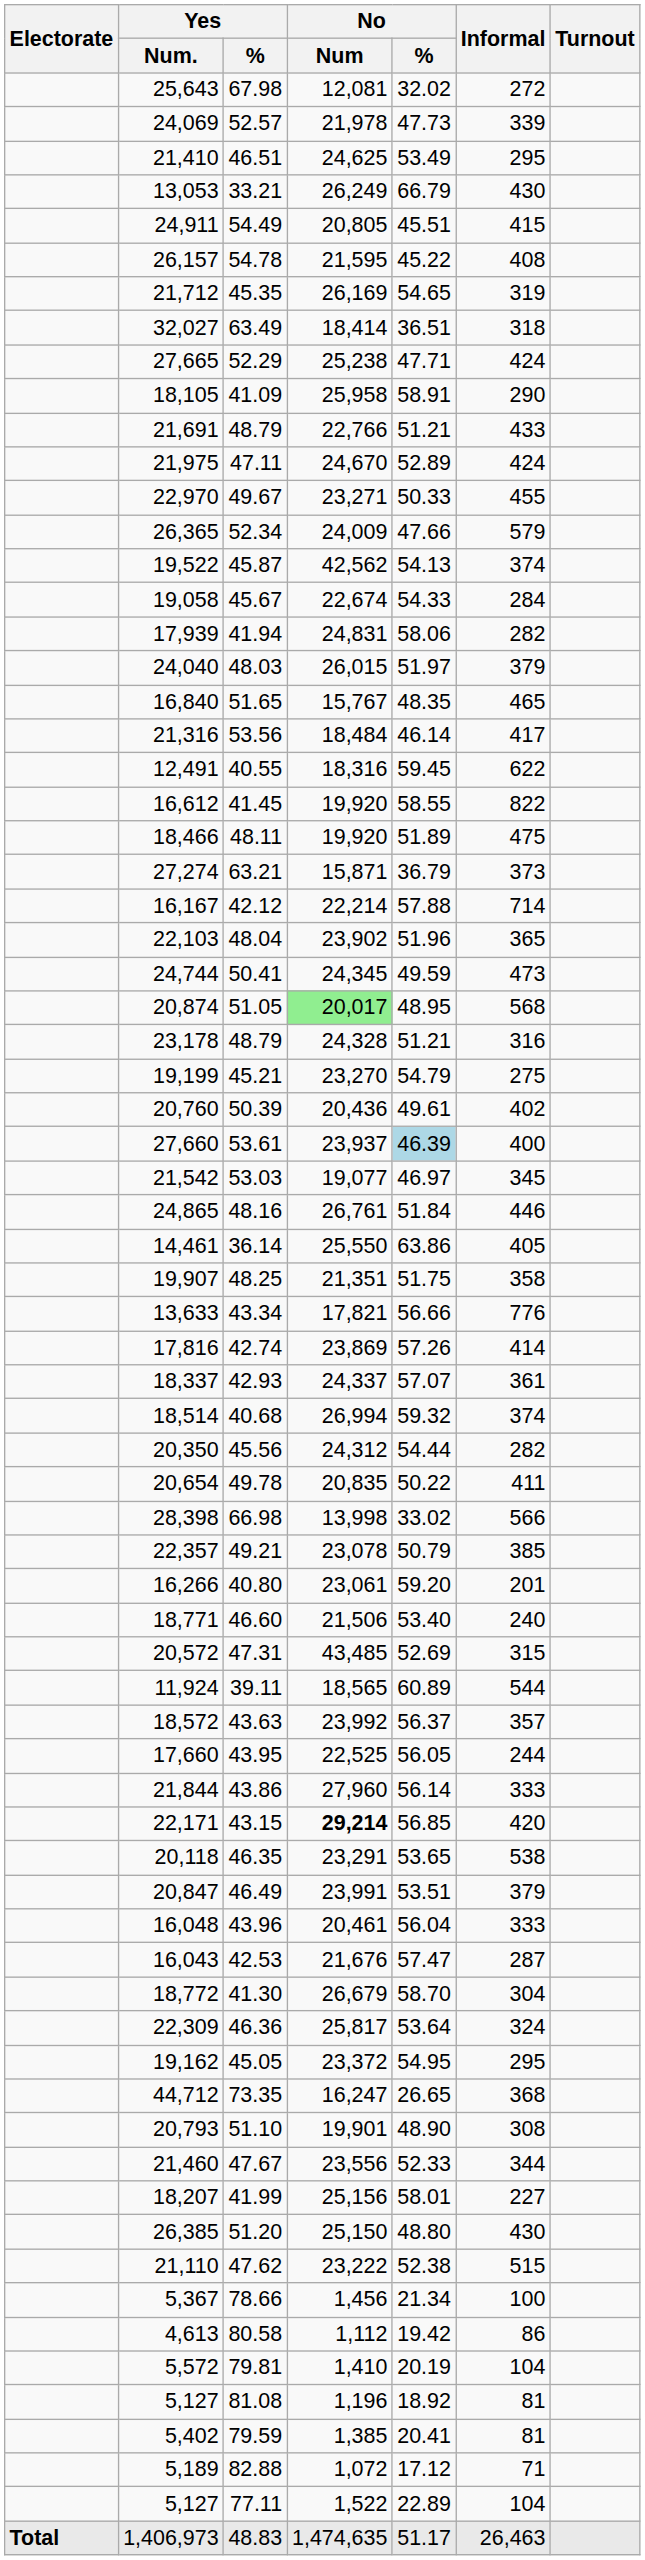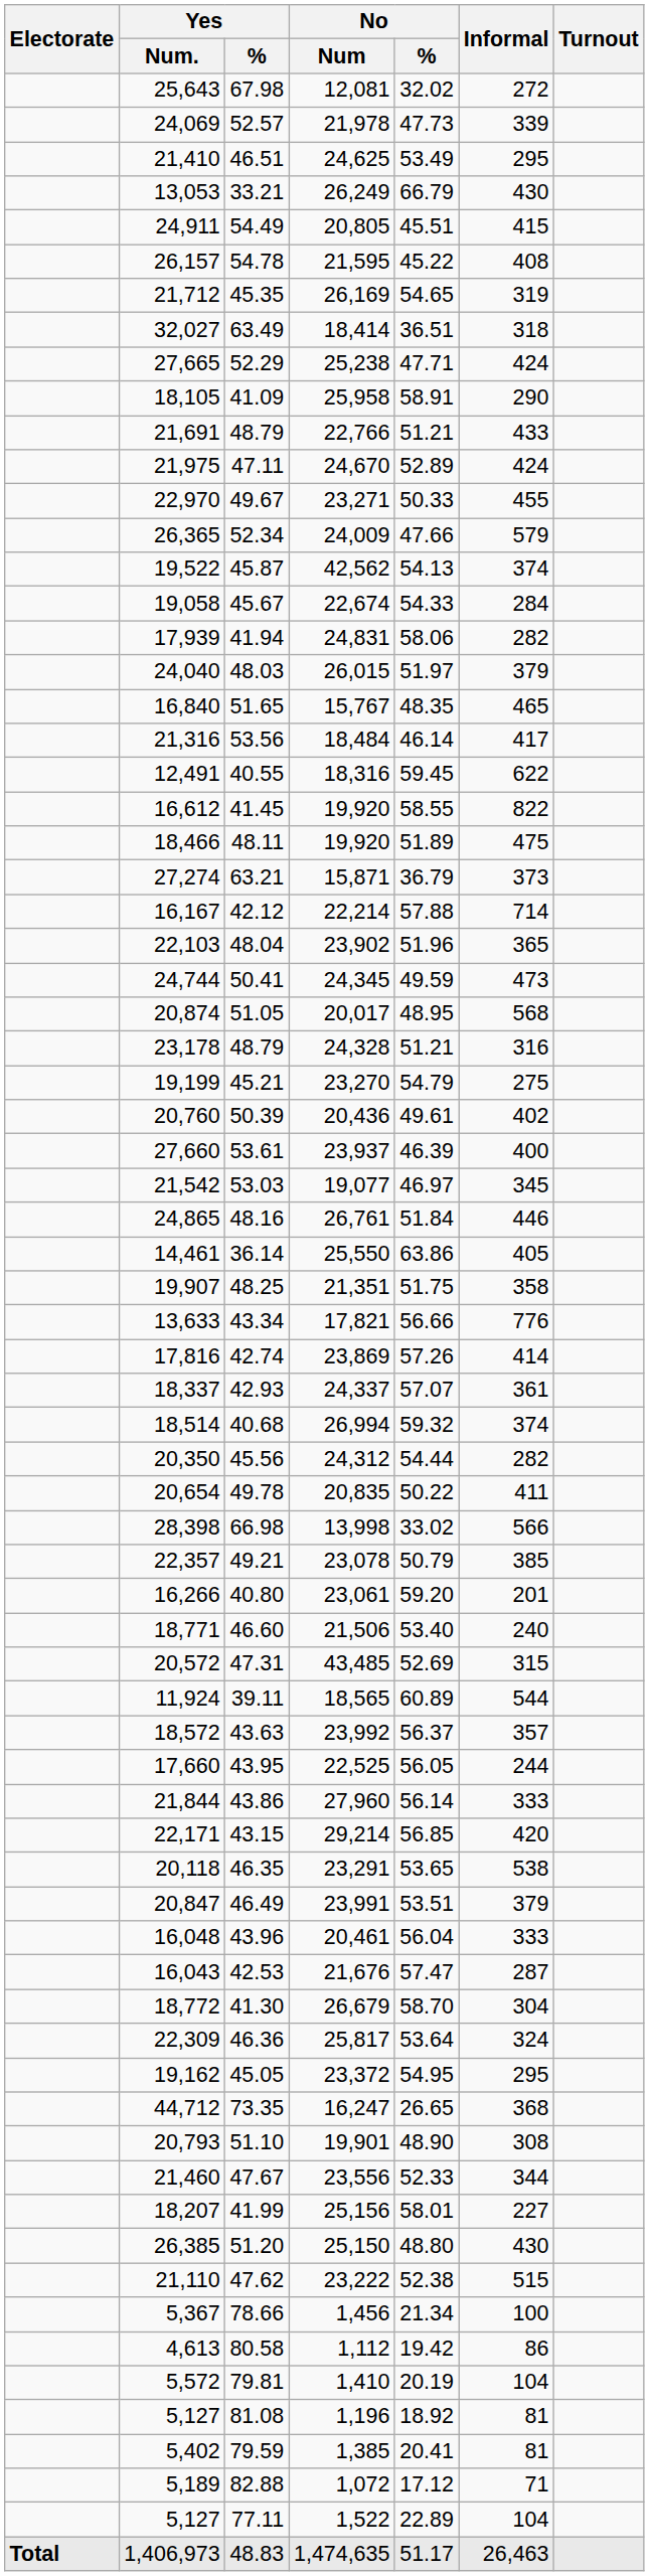 <table class="wikitable sortable mw-collapsible mw-collapsed" style="text-align:right">
 <tr>
 <th rowspan="2">Electorate</th>
 <th colspan="2"> Yes</th>
 <th colspan="2"> No</th>
 <th rowspan="2">Informal</th>
 <th rowspan="2">Turnout</th>
 </tr>
 <tr>
 <th>Num.</th>
 <th>%</th>
 <th>Num</th>
 <th>%</th>
 </tr>
 <tr>
 <td style="text-align:left;"></td>
 <td>25,643</td>
 <td>67.98</td>
 <td>12,081</td>
 <td>32.02</td>
 <td>272</td>
 <td></td>
 </tr>
 <tr>
 <td style="text-align:left;"></td>
 <td>24,069</td>
 <td>52.57</td>
 <td>21,978</td>
 <td>47.73</td>
 <td>339</td>
 <td></td>
 </tr>
 <tr>
 <td style="text-align:left;"></td>
 <td>21,410</td>
 <td>46.51</td>
 <td>24,625</td>
 <td>53.49</td>
 <td>295</td>
 <td></td>
 </tr>
 <tr>
 <td style="text-align:left;"></td>
 <td>13,053</td>
 <td>33.21</td>
 <td>26,249</td>
 <td>66.79</td>
 <td>430</td>
 <td></td>
 </tr>
 <tr>
 <td style="text-align:left;"></td>
 <td>24,911</td>
 <td>54.49</td>
 <td>20,805</td>
 <td>45.51</td>
 <td>415</td>
 <td></td>
 </tr>
 <tr>
 <td style="text-align:left;"></td>
 <td>26,157</td>
 <td>54.78</td>
 <td>21,595</td>
 <td>45.22</td>
 <td>408</td>
 <td></td>
 </tr>
 <tr>
 <td style="text-align:left;"></td>
 <td>21,712</td>
 <td>45.35</td>
 <td>26,169</td>
 <td>54.65</td>
 <td>319</td>
 <td></td>
 </tr>
 <tr>
 <td style="text-align:left;"></td>
 <td>32,027</td>
 <td>63.49</td>
 <td>18,414</td>
 <td>36.51</td>
 <td>318</td>
 <td></td>
 </tr>
 <tr>
 <td style="text-align:left;"></td>
 <td>27,665</td>
 <td>52.29</td>
 <td>25,238</td>
 <td>47.71</td>
 <td>424</td>
 <td></td>
 </tr>
 <tr>
 <td style="text-align:left;"></td>
 <td>18,105</td>
 <td>41.09</td>
 <td>25,958</td>
 <td>58.91</td>
 <td>290</td>
 <td></td>
 </tr>
 <tr>
 <td style="text-align:left;"></td>
 <td>21,691</td>
 <td>48.79</td>
 <td>22,766</td>
 <td>51.21</td>
 <td>433</td>
 <td></td>
 </tr>
 <tr>
 <td style="text-align:left;"></td>
 <td>21,975</td>
 <td>47.11</td>
 <td>24,670</td>
 <td>52.89</td>
 <td>424</td>
 <td></td>
 </tr>
 <tr>
 <td style="text-align:left;"></td>
 <td>22,970</td>
 <td>49.67</td>
 <td>23,271</td>
 <td>50.33</td>
 <td>455</td>
 <td></td>
 </tr>
 <tr>
 <td style="text-align:left;"></td>
 <td>26,365</td>
 <td>52.34</td>
 <td>24,009</td>
 <td>47.66</td>
 <td>579</td>
 <td></td>
 </tr>
 <tr>
 <td style="text-align:left;"></td>
 <td>19,522</td>
 <td>45.87</td>
 <td>42,562</td>
 <td>54.13</td>
 <td>374</td>
 <td></td>
 </tr>
 <tr>
 <td style="text-align:left;"></td>
 <td>19,058</td>
 <td>45.67</td>
 <td>22,674</td>
 <td>54.33</td>
 <td>284</td>
 <td></td>
 </tr>
 <tr>
 <td style="text-align:left;"></td>
 <td>17,939</td>
 <td>41.94</td>
 <td>24,831</td>
 <td>58.06</td>
 <td>282</td>
 <td></td>
 </tr>
 <tr>
 <td style="text-align:left;"></td>
 <td>24,040</td>
 <td>48.03</td>
 <td>26,015</td>
 <td>51.97</td>
 <td>379</td>
 <td></td>
 </tr>
 <tr>
 <td style="text-align:left;"></td>
 <td>16,840</td>
 <td>51.65</td>
 <td>15,767</td>
 <td>48.35</td>
 <td>465</td>
 <td></td>
 </tr>
 <tr>
 <td style="text-align:left;"></td>
 <td>21,316</td>
 <td>53.56</td>
 <td>18,484</td>
 <td>46.14</td>
 <td>417</td>
 <td></td>
 </tr>
 <tr>
 <td style="text-align:left;"></td>
 <td>12,491</td>
 <td>40.55</td>
 <td>18,316</td>
 <td>59.45</td>
 <td>622</td>
 <td></td>
 </tr>
 <tr>
 <td style="text-align:left;"></td>
 <td>16,612</td>
 <td>41.45</td>
 <td>19,920</td>
 <td>58.55</td>
 <td>822</td>
 <td></td>
 </tr>
 <tr>
 <td style="text-align:left;"></td>
 <td>18,466</td>
 <td>48.11</td>
 <td>19,920</td>
 <td>51.89</td>
 <td>475</td>
 <td></td>
 </tr>
 <tr>
 <td style="text-align:left;"></td>
 <td>27,274</td>
 <td>63.21</td>
 <td>15,871</td>
 <td>36.79</td>
 <td>373</td>
 <td></td>
 </tr>
 <tr>
 <td style="text-align:left;"></td>
 <td>16,167</td>
 <td>42.12</td>
 <td>22,214</td>
 <td>57.88</td>
 <td>714</td>
 <td></td>
 </tr>
 <tr>
 <td style="text-align:left;"></td>
 <td>22,103</td>
 <td>48.04</td>
 <td>23,902</td>
 <td>51.96</td>
 <td>365</td>
 <td></td>
 </tr>
 <tr>
 <td style="text-align:left;"></td>
 <td>24,744</td>
 <td>50.41</td>
 <td>24,345</td>
 <td>49.59</td>
 <td>473</td>
 <td></td>
 </tr>
 <tr>
 <td style="text-align:left;"></td>
 <td>20,874</td>
 <td>51.05</td>
-<td style="background: lightgreen;">20,017</td>
+<td>20,017</td>
 <td>48.95</td>
 <td>568</td>
 <td></td>
 </tr>
 <tr>
 <td style="text-align:left;"></td>
 <td>23,178</td>
 <td>48.79</td>
 <td>24,328</td>
 <td>51.21</td>
 <td>316</td>
 <td></td>
 </tr>
 <tr>
 <td style="text-align:left;"></td>
 <td>19,199</td>
 <td>45.21</td>
 <td>23,270</td>
 <td>54.79</td>
 <td>275</td>
 <td></td>
 </tr>
 <tr>
 <td style="text-align:left;"></td>
 <td>20,760</td>
 <td>50.39</td>
 <td>20,436</td>
 <td>49.61</td>
 <td>402</td>
 <td></td>
 </tr>
 <tr>
 <td style="text-align:left;"></td>
 <td>27,660</td>
 <td>53.61</td>
 <td>23,937</td>
-<td style="background: lightblue;">46.39</td>
+<td>46.39</td>
 <td>400</td>
 <td></td>
 </tr>
 <tr>
 <td style="text-align:left;"></td>
 <td>21,542</td>
 <td>53.03</td>
 <td>19,077</td>
 <td>46.97</td>
 <td>345</td>
 <td></td>
 </tr>
 <tr>
 <td style="text-align:left;"></td>
 <td>24,865</td>
 <td>48.16</td>
 <td>26,761</td>
 <td>51.84</td>
 <td>446</td>
 <td></td>
 </tr>
 <tr>
 <td style="text-align:left;"></td>
 <td>14,461</td>
 <td>36.14</td>
 <td>25,550</td>
 <td>63.86</td>
 <td>405</td>
 <td></td>
 </tr>
 <tr>
 <td style="text-align:left;"></td>
 <td>19,907</td>
 <td>48.25</td>
 <td>21,351</td>
 <td>51.75</td>
 <td>358</td>
 <td></td>
 </tr>
 <tr>
 <td style="text-align:left;"></td>
 <td>13,633</td>
 <td>43.34</td>
 <td>17,821</td>
 <td>56.66</td>
 <td>776</td>
 <td></td>
 </tr>
 <tr>
 <td style="text-align:left;"></td>
 <td>17,816</td>
 <td>42.74</td>
 <td>23,869</td>
 <td>57.26</td>
 <td>414</td>
 <td></td>
 </tr>
 <tr>
 <td style="text-align:left;"></td>
 <td>18,337</td>
 <td>42.93</td>
 <td>24,337</td>
 <td>57.07</td>
 <td>361</td>
 <td></td>
 </tr>
 <tr>
 <td style="text-align:left;"></td>
 <td>18,514</td>
 <td>40.68</td>
 <td>26,994</td>
 <td>59.32</td>
 <td>374</td>
 <td></td>
 </tr>
 <tr>
 <td style="text-align:left;"></td>
 <td>20,350</td>
 <td>45.56</td>
 <td>24,312</td>
 <td>54.44</td>
 <td>282</td>
 <td></td>
 </tr>
 <tr>
 <td style="text-align:left;"></td>
 <td>20,654</td>
 <td>49.78</td>
 <td>20,835</td>
 <td>50.22</td>
 <td>411</td>
 <td></td>
 </tr>
 <tr>
 <td style="text-align:left;"></td>
 <td>28,398</td>
 <td>66.98</td>
 <td>13,998</td>
 <td>33.02</td>
 <td>566</td>
 <td></td>
 </tr>
 <tr>
 <td style="text-align:left;"></td>
 <td>22,357</td>
 <td>49.21</td>
 <td>23,078</td>
 <td>50.79</td>
 <td>385</td>
 <td></td>
 </tr>
 <tr>
 <td style="text-align:left;"></td>
 <td>16,266</td>
 <td>40.80</td>
 <td>23,061</td>
 <td>59.20</td>
 <td>201</td>
 <td></td>
 </tr>
 <tr>
 <td style="text-align:left;"></td>
 <td>18,771</td>
 <td>46.60</td>
 <td>21,506</td>
 <td>53.40</td>
 <td>240</td>
 <td></td>
 </tr>
 <tr>
 <td style="text-align:left;"></td>
 <td>20,572</td>
 <td>47.31</td>
 <td>43,485</td>
 <td>52.69</td>
 <td>315</td>
 <td></td>
 </tr>
 <tr>
 <td style="text-align:left;"></td>
 <td>11,924</td>
 <td>39.11</td>
 <td>18,565</td>
 <td>60.89</td>
 <td>544</td>
 <td></td>
 </tr>
 <tr>
 <td style="text-align:left;"></td>
 <td>18,572</td>
 <td>43.63</td>
 <td>23,992</td>
 <td>56.37</td>
 <td>357</td>
 <td></td>
 </tr>
 <tr>
 <td style="text-align:left;"></td>
 <td>17,660</td>
 <td>43.95</td>
 <td>22,525</td>
 <td>56.05</td>
 <td>244</td>
 <td></td>
 </tr>
 <tr>
 <td style="text-align:left;"></td>
 <td>21,844</td>
 <td>43.86</td>
 <td>27,960</td>
 <td>56.14</td>
 <td>333</td>
 <td></td>
 </tr>
 <tr>
 <td style="text-align:left;"></td>
 <td>22,171</td>
 <td>43.15</td>
-<td><strong>29,214</strong></td>
+<td>29,214</td>
 <td>56.85</td>
 <td>420</td>
 <td></td>
 </tr>
 <tr>
 <td style="text-align:left;"></td>
 <td>20,118</td>
 <td>46.35</td>
 <td>23,291</td>
 <td>53.65</td>
 <td>538</td>
 <td></td>
 </tr>
 <tr>
 <td style="text-align:left;"></td>
 <td>20,847</td>
 <td>46.49</td>
 <td>23,991</td>
 <td>53.51</td>
 <td>379</td>
 <td></td>
 </tr>
 <tr>
 <td style="text-align:left;"></td>
 <td>16,048</td>
 <td>43.96</td>
 <td>20,461</td>
 <td>56.04</td>
 <td>333</td>
 <td></td>
 </tr>
 <tr>
 <td style="text-align:left;"></td>
 <td>16,043</td>
 <td>42.53</td>
 <td>21,676</td>
 <td>57.47</td>
 <td>287</td>
 <td></td>
 </tr>
 <tr>
 <td style="text-align:left;"></td>
 <td>18,772</td>
 <td>41.30</td>
 <td>26,679</td>
 <td>58.70</td>
 <td>304</td>
 <td></td>
 </tr>
 <tr>
 <td style="text-align:left;"></td>
 <td>22,309</td>
 <td>46.36</td>
 <td>25,817</td>
 <td>53.64</td>
 <td>324</td>
 <td></td>
 </tr>
 <tr>
 <td style="text-align:left;"></td>
 <td>19,162</td>
 <td>45.05</td>
 <td>23,372</td>
 <td>54.95</td>
 <td>295</td>
 <td></td>
 </tr>
 <tr>
 <td style="text-align:left;"></td>
 <td>44,712</td>
 <td>73.35</td>
 <td>16,247</td>
 <td>26.65</td>
 <td>368</td>
 <td></td>
 </tr>
 <tr>
 <td style="text-align:left;"></td>
 <td>20,793</td>
 <td>51.10</td>
 <td>19,901</td>
 <td>48.90</td>
 <td>308</td>
 <td></td>
 </tr>
 <tr>
 <td style="text-align:left;"></td>
 <td>21,460</td>
 <td>47.67</td>
 <td>23,556</td>
 <td>52.33</td>
 <td>344</td>
 <td></td>
 </tr>
 <tr>
 <td style="text-align:left;"></td>
 <td>18,207</td>
 <td>41.99</td>
 <td>25,156</td>
 <td>58.01</td>
 <td>227</td>
 <td></td>
 </tr>
 <tr>
 <td style="text-align:left;"></td>
 <td>26,385</td>
 <td>51.20</td>
 <td>25,150</td>
 <td>48.80</td>
 <td>430</td>
 <td></td>
 </tr>
 <tr>
 <td style="text-align:left;"></td>
 <td>21,110</td>
 <td>47.62</td>
 <td>23,222</td>
 <td>52.38</td>
 <td>515</td>
 <td></td>
 </tr>
 <tr>
 <td style="text-align:left;"></td>
 <td>5,367</td>
 <td>78.66</td>
 <td>1,456</td>
 <td>21.34</td>
 <td>100</td>
 <td></td>
 </tr>
 <tr>
 <td style="text-align:left;"></td>
 <td>4,613</td>
 <td>80.58</td>
 <td>1,112</td>
 <td>19.42</td>
 <td>86</td>
 <td></td>
 </tr>
 <tr>
 <td style="text-align:left;"></td>
 <td>5,572</td>
 <td>79.81</td>
 <td>1,410</td>
 <td>20.19</td>
 <td>104</td>
 <td></td>
 </tr>
 <tr>
 <td style="text-align:left;"></td>
 <td>5,127</td>
 <td>81.08</td>
 <td>1,196</td>
 <td>18.92</td>
 <td>81</td>
 <td></td>
 </tr>
 <tr>
 <td style="text-align:left;"></td>
 <td>5,402</td>
 <td>79.59</td>
 <td>1,385</td>
 <td>20.41</td>
 <td>81</td>
 <td></td>
 </tr>
 <tr>
 <td style="text-align:left;"></td>
 <td>5,189</td>
 <td>82.88</td>
 <td>1,072</td>
 <td>17.12</td>
 <td>71</td>
 <td></td>
 </tr>
 <tr>
 <td style="text-align:left;"></td>
 <td>5,127</td>
 <td>77.11</td>
 <td>1,522</td>
 <td>22.89</td>
 <td>104</td>
 <td></td>
 </tr>
 <tr class="sortbottom" bgcolor="#e9e9e9">
 <td style="text-align:left;"><strong>Total</strong></td>
 <td>1,406,973</td>
 <td>48.83</td>
 <td>1,474,635</td>
 <td>51.17</td>
 <td>26,463</td>
 <td></td>
 </tr>
 </table>
